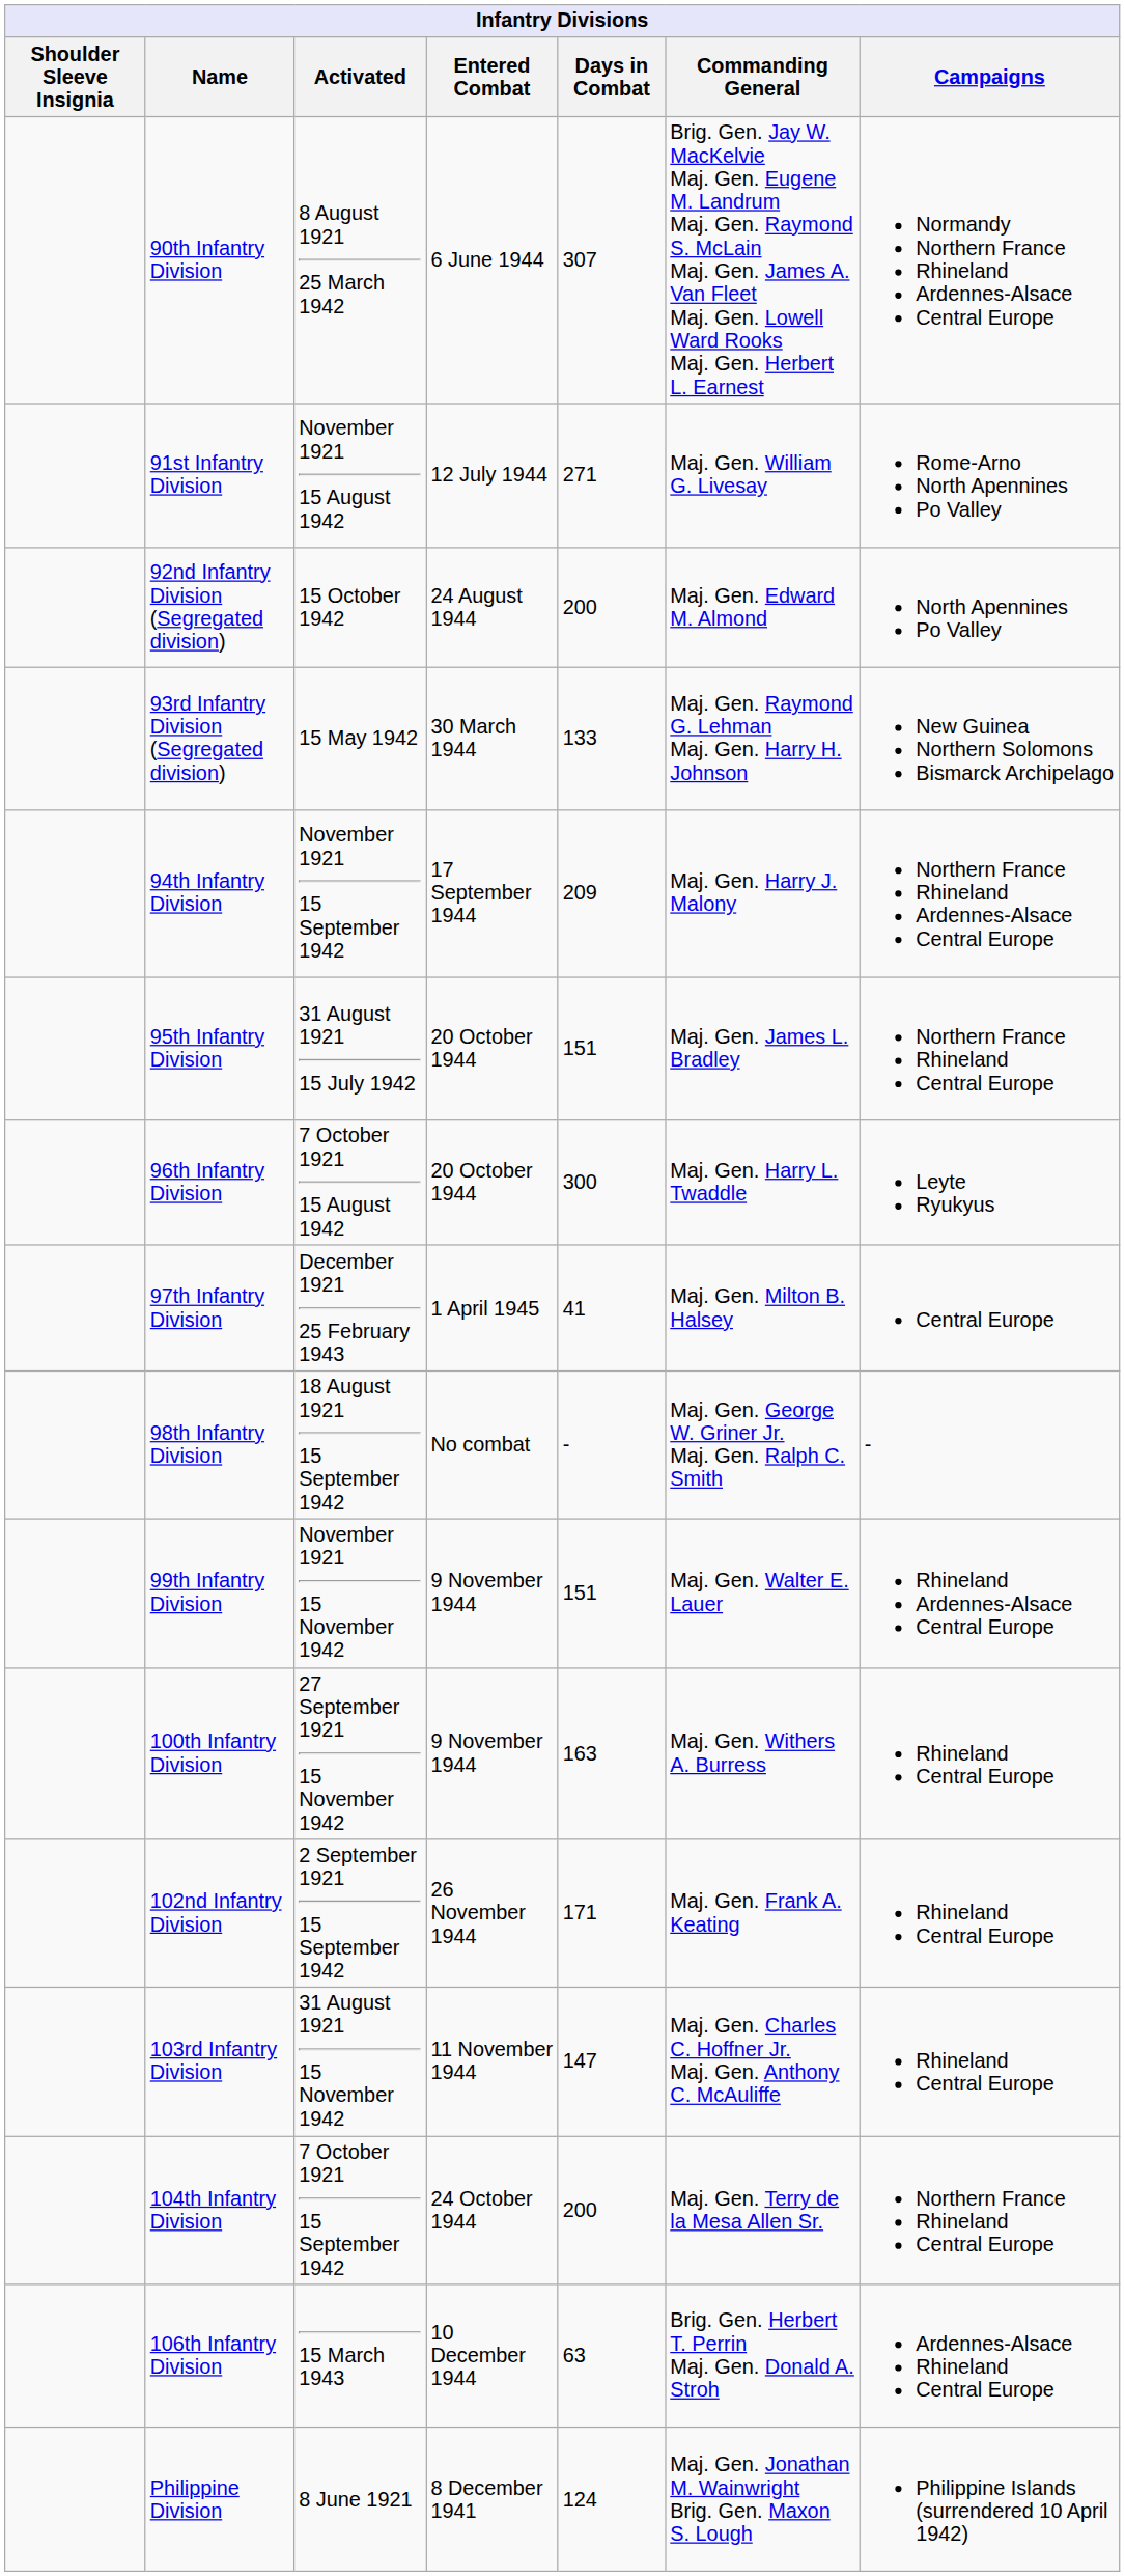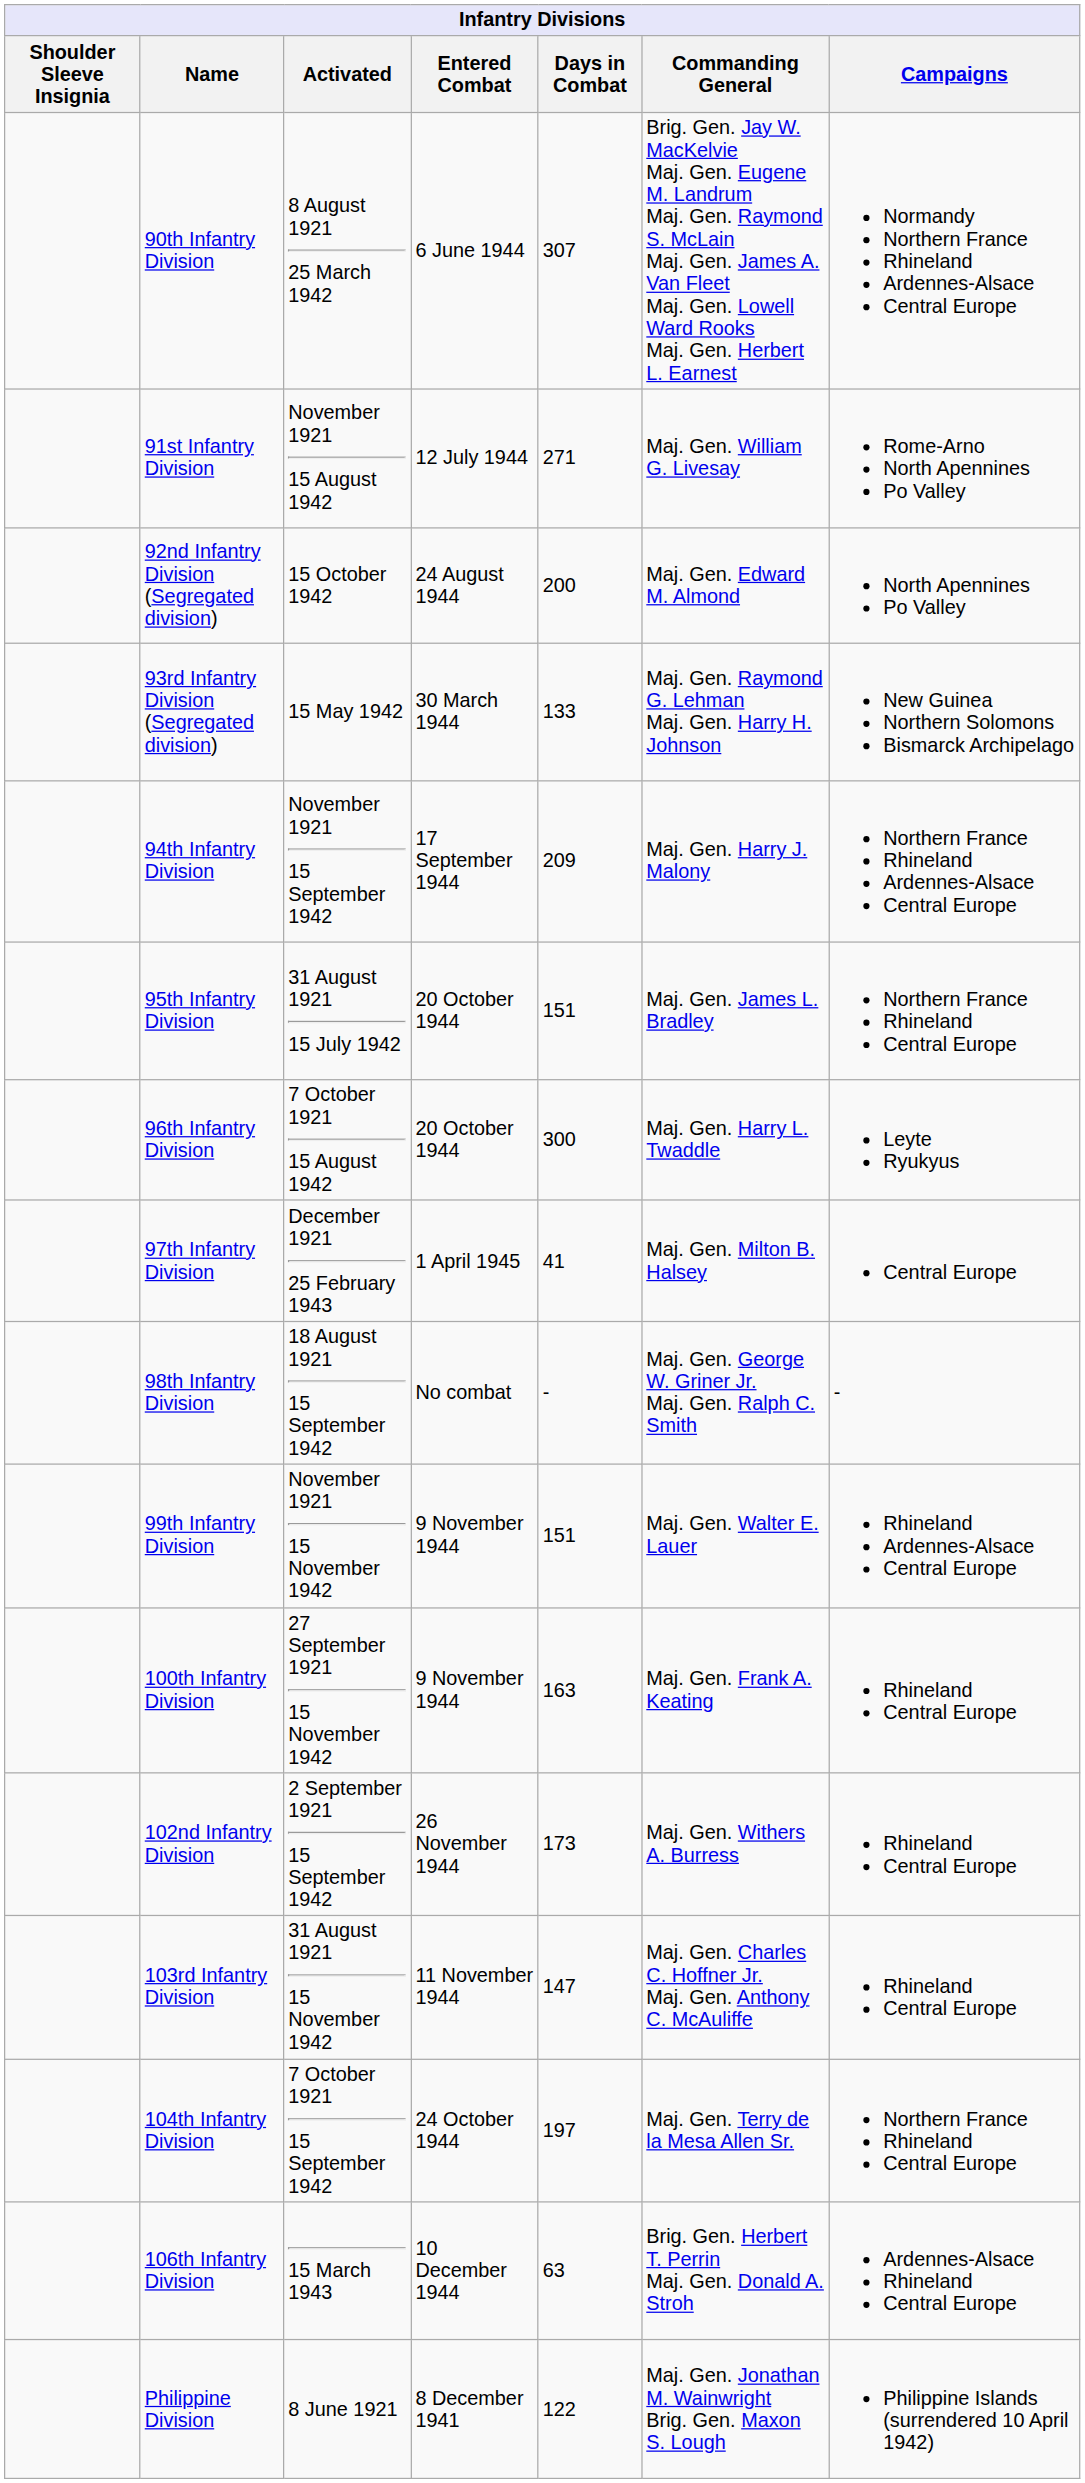 <table class="wikitable">
 <tr>
 <th style="align: center; background: lavender;" colspan="7">Infantry Divisions</th>
 </tr>
 <tr>
 <th style="text-align: center; ">Shoulder Sleeve Insignia</th>
 <th style="text-align: center; ">Name</th>
 <th style="text-align: center; ">Activated</th>
 <th style="text-align: center; ">Entered Combat</th>
 <th style="text-align: center; ">Days in Combat</th>
 <th style="text-align: center; ">Commanding General</th>
 <th style="text-align: center; "><a href='#'>Campaigns</a></th>
 </tr>
 <tr>
 <td></td>
 <td><a href='#'>90th Infantry Division</a></td>
 <td>8 August 1921 <hr> 25 March 1942</td>
 <td>6 June 1944</td>
 <td>307</td>
 <td>Brig. Gen. <a href='#'>Jay W. MacKelvie</a><br>Maj. Gen. <a href='#'>Eugene M. Landrum</a><br>Maj. Gen. <a href='#'>Raymond S. McLain</a><br>Maj. Gen. <a href='#'>James A. Van Fleet</a><br>Maj. Gen. <a href='#'>Lowell Ward Rooks</a><br>Maj. Gen. <a href='#'>Herbert L. Earnest</a></td>
 <td><br><ul><li>Normandy</li><li>Northern France</li><li>Rhineland</li><li>Ardennes-Alsace</li><li>Central Europe</li></ul></td>
 </tr>
 <tr>
 <td></td>
 <td><a href='#'>91st Infantry Division</a></td>
 <td>November 1921 <hr> 15 August 1942</td>
 <td>12 July 1944</td>
 <td>271</td>
 <td>Maj. Gen. <a href='#'>William G. Livesay</a></td>
 <td><br><ul><li>Rome-Arno</li><li>North Apennines</li><li>Po Valley</li></ul></td>
 </tr>
 <tr>
 <td></td>
 <td><a href='#'>92nd Infantry Division</a><br> (<a href='#'>Segregated division</a>)</td>
 <td>15 October 1942</td>
 <td>24 August 1944</td>
 <td>200</td>
 <td>Maj. Gen. <a href='#'>Edward M. Almond</a></td>
 <td><br><ul><li>North Apennines</li><li>Po Valley</li></ul></td>
 </tr>
 <tr>
 <td></td>
 <td><a href='#'>93rd Infantry Division</a><br> (<a href='#'>Segregated division</a>)</td>
 <td>15 May 1942</td>
 <td>30 March 1944</td>
 <td>133</td>
 <td>Maj. Gen. <a href='#'>Raymond G. Lehman</a><br>Maj. Gen. <a href='#'>Harry H. Johnson</a></td>
 <td><br><ul><li>New Guinea</li><li>Northern Solomons</li><li>Bismarck Archipelago</li></ul></td>
 </tr>
 <tr>
 <td></td>
 <td><a href='#'>94th Infantry Division</a></td>
 <td>November 1921 <hr> 15 September 1942</td>
 <td>17 September 1944</td>
 <td>209</td>
 <td>Maj. Gen. <a href='#'>Harry J. Malony</a></td>
 <td><br><ul><li>Northern France</li><li>Rhineland</li><li>Ardennes-Alsace</li><li>Central Europe</li></ul></td>
 </tr>
 <tr>
 <td></td>
 <td><a href='#'>95th Infantry Division</a></td>
 <td>31 August 1921 <hr> 15 July 1942</td>
 <td>20 October 1944</td>
 <td>151</td>
 <td>Maj. Gen. <a href='#'>James L. Bradley</a></td>
 <td><br><ul><li>Northern France</li><li>Rhineland</li><li>Central Europe</li></ul></td>
 </tr>
 <tr>
 <td></td>
 <td><a href='#'>96th Infantry Division</a></td>
 <td>7 October 1921 <hr> 15 August 1942</td>
 <td>20 October 1944</td>
 <td>300</td>
 <td>Maj. Gen. <a href='#'>Harry L. Twaddle</a></td>
 <td><br><ul><li>Leyte</li><li>Ryukyus</li></ul></td>
 </tr>
 <tr>
 <td></td>
 <td><a href='#'>97th Infantry Division</a></td>
 <td>December 1921 <hr> 25 February 1943</td>
 <td>1 April 1945</td>
 <td>41</td>
 <td>Maj. Gen. <a href='#'>Milton B. Halsey</a></td>
 <td><br><ul><li>Central Europe</li></ul></td>
 </tr>
 <tr>
 <td></td>
 <td><a href='#'>98th Infantry Division</a></td>
 <td>18 August 1921 <hr> 15 September 1942</td>
 <td>No combat</td>
 <td>-</td>
 <td>Maj. Gen. <a href='#'>George W. Griner Jr.</a><br>Maj. Gen. <a href='#'>Ralph C. Smith</a></td>
 <td>-</td>
 </tr>
 <tr>
 <td></td>
 <td><a href='#'>99th Infantry Division</a></td>
 <td>November 1921 <hr> 15 November 1942</td>
 <td>9 November 1944</td>
 <td>151</td>
 <td>Maj. Gen. <a href='#'>Walter E. Lauer</a></td>
 <td><br><ul><li>Rhineland</li><li>Ardennes-Alsace</li><li>Central Europe</li></ul></td>
 </tr>
 <tr>
 <td></td>
 <td><a href='#'>100th Infantry Division</a></td>
 <td>27 September 1921 <hr> 15 November 1942</td>
 <td>9 November 1944</td>
 <td>163</td>
-<td>Maj. Gen. <a href='#'>Withers A. Burress</a></td>
+<td>Maj. Gen. <a href='#'>Frank A. Keating</a></td>
 <td><br><ul><li>Rhineland</li><li>Central Europe</li></ul></td>
 </tr>
 <tr>
 <td></td>
 <td><a href='#'>102nd Infantry Division</a></td>
 <td>2 September 1921 <hr> 15 September 1942</td>
 <td>26 November 1944</td>
-<td>171</td>
-<td>Maj. Gen. <a href='#'>Frank A. Keating</a></td>
+<td>173</td>
+<td>Maj. Gen. <a href='#'>Withers A. Burress</a></td>
 <td><br><ul><li>Rhineland</li><li>Central Europe</li></ul></td>
 </tr>
 <tr>
 <td></td>
 <td><a href='#'>103rd Infantry Division</a></td>
 <td>31 August 1921 <hr> 15 November 1942</td>
 <td>11 November 1944</td>
 <td>147</td>
 <td>Maj. Gen. <a href='#'>Charles C. Hoffner Jr.</a><br>Maj. Gen. <a href='#'>Anthony C. McAuliffe</a></td>
 <td><br><ul><li>Rhineland</li><li>Central Europe</li></ul></td>
 </tr>
 <tr>
 <td></td>
 <td><a href='#'>104th Infantry Division</a></td>
 <td>7 October 1921 <hr> 15 September 1942</td>
 <td>24 October 1944</td>
-<td>200</td>
+<td>197</td>
 <td>Maj. Gen. <a href='#'>Terry de la Mesa Allen Sr.</a></td>
 <td><br><ul><li>Northern France</li><li>Rhineland</li><li>Central Europe</li></ul></td>
 </tr>
 <tr>
 <td></td>
 <td><a href='#'>106th Infantry Division</a></td>
 <td><hr> 15 March 1943</td>
 <td>10 December 1944</td>
 <td>63</td>
 <td>Brig. Gen. <a href='#'>Herbert T. Perrin</a><br> Maj. Gen. <a href='#'>Donald A. Stroh</a></td>
 <td><br><ul><li>Ardennes-Alsace</li><li>Rhineland</li><li>Central Europe</li></ul></td>
 </tr>
 <tr>
 <td></td>
 <td><a href='#'>Philippine Division</a></td>
 <td>8 June 1921</td>
 <td>8 December 1941</td>
-<td>124</td>
+<td>122</td>
 <td>Maj. Gen. <a href='#'>Jonathan M. Wainwright</a><br> Brig. Gen. <a href='#'>Maxon S. Lough</a></td>
 <td><br><ul><li>Philippine Islands (surrendered 10 April 1942)</li></ul></td>
 </tr>
 </table>
